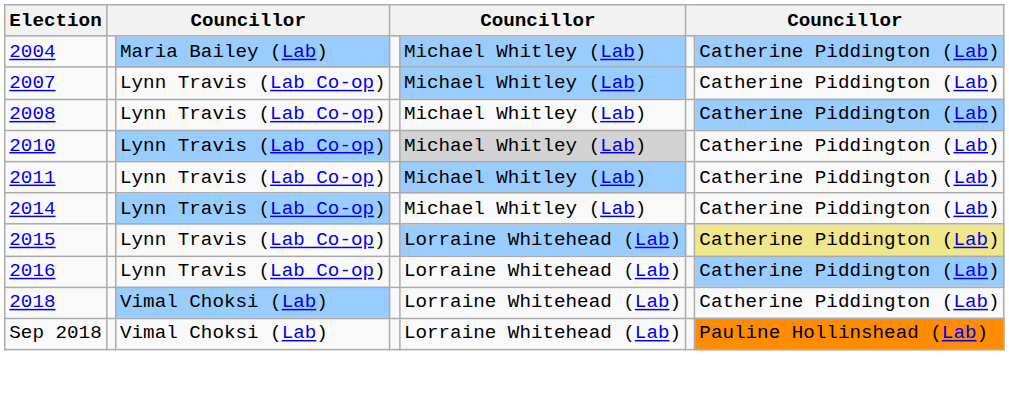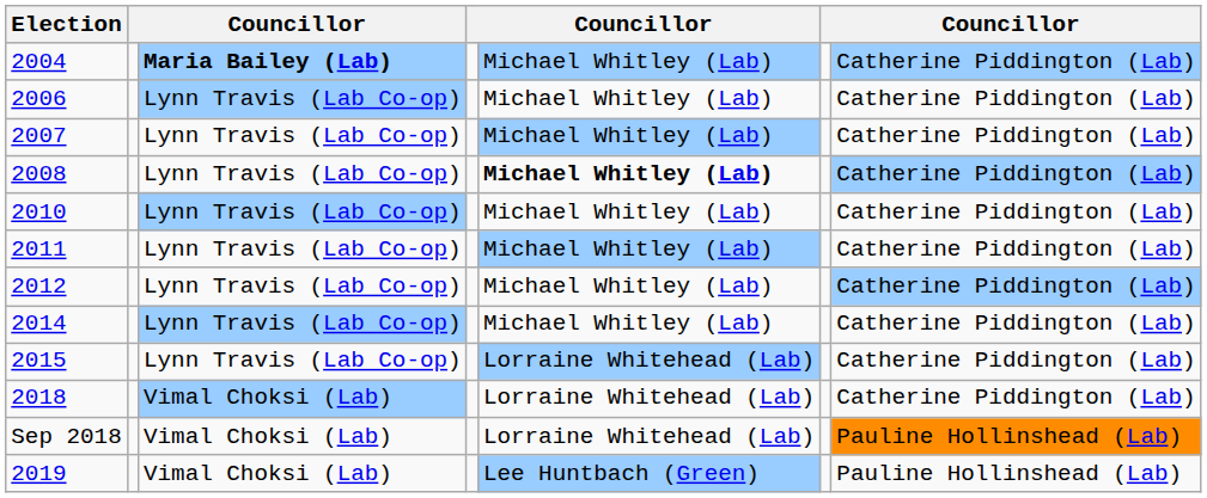 <table class="wikitable">
 <tr>
 <th>Election</th>
 <th colspan="2">Councillor</th>
 <th colspan="2">Councillor</th>
 <th colspan="2">Councillor</th>
 </tr>
 <tr>
 <td><a href='#'>2004</a></td>
 <td style="background-color: "></td>
-<td bgcolor="#99CCFF">Maria Bailey (<a href='#'>Lab</a>)</td>
+<td bgcolor="#99CCFF"><strong>Maria Bailey (<a href='#'>Lab</a>)</strong></td>
 <td style="background-color: "></td>
 <td bgcolor="#99CCFF">Michael Whitley (<a href='#'>Lab</a>)</td>
 <td style="background-color: "></td>
 <td bgcolor="#99CCFF">Catherine Piddington (<a href='#'>Lab</a>)</td>
+</tr>
+<tr>
+<td><a href='#'>2006</a></td>
+<td style="background-color: "></td>
+<td bgcolor="#99CCFF">Lynn Travis (<a href='#'>Lab Co-op</a>)</td>
+<td style="background-color: "></td>
+<td>Michael Whitley (<a href='#'>Lab</a>)</td>
+<td style="background-color: "></td>
+<td>Catherine Piddington (<a href='#'>Lab</a>)</td>
 </tr>
 <tr>
 <td><a href='#'>2007</a></td>
 <td style="background-color: "></td>
 <td>Lynn Travis (<a href='#'>Lab Co-op</a>)</td>
 <td style="background-color: "></td>
 <td bgcolor="#99CCFF">Michael Whitley (<a href='#'>Lab</a>)</td>
 <td style="background-color: "></td>
 <td>Catherine Piddington (<a href='#'>Lab</a>)</td>
 </tr>
 <tr>
 <td><a href='#'>2008</a></td>
 <td style="background-color: "></td>
 <td>Lynn Travis (<a href='#'>Lab Co-op</a>)</td>
 <td style="background-color: "></td>
-<td>Michael Whitley (<a href='#'>Lab</a>)</td>
+<td><strong>Michael Whitley (<a href='#'>Lab</a>)</strong></td>
 <td style="background-color: "></td>
 <td bgcolor="#99CCFF">Catherine Piddington (<a href='#'>Lab</a>)</td>
 </tr>
 <tr>
 <td><a href='#'>2010</a></td>
 <td style="background-color: "></td>
 <td bgcolor="#99CCFF">Lynn Travis (<a href='#'>Lab Co-op</a>)</td>
 <td style="background-color: "></td>
-<td style="background: lightgrey;">Michael Whitley (<a href='#'>Lab</a>)</td>
+<td>Michael Whitley (<a href='#'>Lab</a>)</td>
 <td style="background-color: "></td>
 <td>Catherine Piddington (<a href='#'>Lab</a>)</td>
 </tr>
 <tr>
 <td><a href='#'>2011</a></td>
 <td style="background-color: "></td>
 <td>Lynn Travis (<a href='#'>Lab Co-op</a>)</td>
 <td style="background-color: "></td>
 <td bgcolor="#99CCFF">Michael Whitley (<a href='#'>Lab</a>)</td>
 <td style="background-color: "></td>
 <td>Catherine Piddington (<a href='#'>Lab</a>)</td>
+</tr>
+<tr>
+<td><a href='#'>2012</a></td>
+<td style="background-color: "></td>
+<td>Lynn Travis (<a href='#'>Lab Co-op</a>)</td>
+<td style="background-color: "></td>
+<td>Michael Whitley (<a href='#'>Lab</a>)</td>
+<td style="background-color: "></td>
+<td bgcolor="#99CCFF">Catherine Piddington (<a href='#'>Lab</a>)</td>
 </tr>
 <tr>
 <td><a href='#'>2014</a></td>
 <td style="background-color: "></td>
 <td bgcolor="#99CCFF">Lynn Travis (<a href='#'>Lab Co-op</a>)</td>
 <td style="background-color: "></td>
 <td>Michael Whitley (<a href='#'>Lab</a>)</td>
 <td style="background-color: "></td>
 <td>Catherine Piddington (<a href='#'>Lab</a>)</td>
 </tr>
 <tr>
 <td><a href='#'>2015</a></td>
 <td style="background-color: "></td>
 <td>Lynn Travis (<a href='#'>Lab Co-op</a>)</td>
 <td style="background-color: "></td>
 <td bgcolor="#99CCFF">Lorraine Whitehead (<a href='#'>Lab</a>)</td>
 <td style="background-color: "></td>
-<td style="background: khaki;">Catherine Piddington (<a href='#'>Lab</a>)</td>
-</tr>
-<tr>
-<td><a href='#'>2016</a></td>
-<td style="background-color: "></td>
-<td>Lynn Travis (<a href='#'>Lab Co-op</a>)</td>
-<td style="background-color: "></td>
-<td>Lorraine Whitehead (<a href='#'>Lab</a>)</td>
-<td style="background-color: "></td>
-<td bgcolor="#99CCFF">Catherine Piddington (<a href='#'>Lab</a>)</td>
+<td>Catherine Piddington (<a href='#'>Lab</a>)</td>
 </tr>
 <tr>
 <td><a href='#'>2018</a></td>
 <td style="background-color: "></td>
 <td bgcolor="#99CCFF">Vimal Choksi (<a href='#'>Lab</a>)</td>
 <td style="background-color: "></td>
 <td>Lorraine Whitehead (<a href='#'>Lab</a>)</td>
 <td style="background-color: "></td>
 <td>Catherine Piddington (<a href='#'>Lab</a>)</td>
 </tr>
 <tr>
 <td>Sep 2018</td>
 <td style="background-color: "></td>
 <td>Vimal Choksi (<a href='#'>Lab</a>)</td>
 <td style="background-color: "></td>
 <td>Lorraine Whitehead (<a href='#'>Lab</a>)</td>
 <td style="background-color: "></td>
 <td bgcolor="#FF8C00">Pauline Hollinshead (<a href='#'>Lab</a>)</td>
 </tr>
+<tr>
+<td><a href='#'>2019</a></td>
+<td style="background-color: "></td>
+<td>Vimal Choksi (<a href='#'>Lab</a>)</td>
+<td style="background-color: "></td>
+<td bgcolor="#99CCFF">Lee Huntbach (<a href='#'>Green</a>)</td>
+<td style="background-color: "></td>
+<td>Pauline Hollinshead (<a href='#'>Lab</a>)</td>
+</tr>
 </table>
